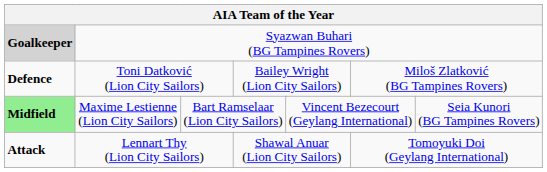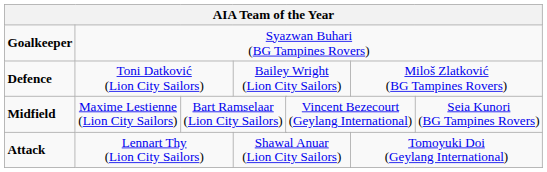 <table class="wikitable">
 <tr>
 <th colspan="13">AIA Team of the Year</th>
 </tr>
 <tr>
-<td style="background: lightgrey;"><strong>Goalkeeper</strong></td>
+<td><strong>Goalkeeper</strong></td>
 <td colspan="12" align="center"> <a href='#'>Syazwan Buhari</a> <br> (<a href='#'>BG Tampines Rovers</a>)</td>
 </tr>
 <tr>
 <td><strong>Defence</strong></td>
 <td colspan="4" align="center"> <a href='#'>Toni Datković</a> <br> (<a href='#'>Lion City Sailors</a>)</td>
 <td colspan="4" align="center"> <a href='#'>Bailey Wright</a> <br> (<a href='#'>Lion City Sailors</a>)</td>
 <td colspan="4" align="center"> <a href='#'>Miloš Zlatković</a> <br> (<a href='#'>BG Tampines Rovers</a>)</td>
 </tr>
 <tr>
-<td style="background: lightgreen;"><strong>Midfield</strong></td>
+<td><strong>Midfield</strong></td>
 <td colspan="3" align="center"> <a href='#'>Maxime Lestienne</a> <br> (<a href='#'>Lion City Sailors</a>)</td>
 <td colspan="3" align="center"> <a href='#'>Bart Ramselaar</a> <br> (<a href='#'>Lion City Sailors</a>)</td>
 <td colspan="3" align="center"> <a href='#'>Vincent Bezecourt</a> <br> (<a href='#'>Geylang International</a>)</td>
 <td colspan="3" align="center"> <a href='#'>Seia Kunori</a> <br>  (<a href='#'>BG Tampines Rovers</a>)</td>
 </tr>
 <tr>
 <td><strong>Attack</strong></td>
 <td colspan="4" align="center"> <a href='#'>Lennart Thy</a> <br> (<a href='#'>Lion City Sailors</a>)</td>
 <td colspan="4" align="center"> <a href='#'>Shawal Anuar</a> <br> (<a href='#'>Lion City Sailors</a>)</td>
 <td colspan="4" align="center"> <a href='#'>Tomoyuki Doi</a> <br> (<a href='#'>Geylang International</a>)</td>
 </tr>
 </table>
